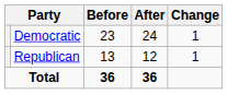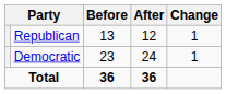 <table class="wikitable" style="text-align:center;">
 <tr>
 <th colspan="2">Party</th>
 <th>Before</th>
 <th>After</th>
 <th>Change</th>
 </tr>
 <tr>
 <th style="background-color:"></th>
-<td style="text-align:left;"><a href='#'>Democratic</a></td>
-<td>23</td>
-<td>24</td>
+<td style="text-align:left;"><a href='#'>Republican</a></td>
+<td>13</td>
+<td>12</td>
 <td> 1</td>
 </tr>
 <tr>
 <th style="background-color:"></th>
-<td style="text-align:left;"><a href='#'>Republican</a></td>
-<td>13</td>
-<td>12</td>
+<td style="text-align:left;"><a href='#'>Democratic</a></td>
+<td>23</td>
+<td>24</td>
 <td> 1</td>
 </tr>
 <tr>
 <td colspan="2"><strong>Total</strong></td>
 <td><strong>36</strong></td>
 <td><strong>36</strong></td>
 <td></td>
 </tr>
 </table>
